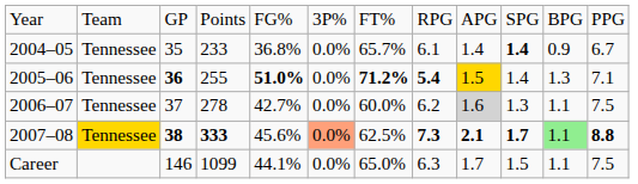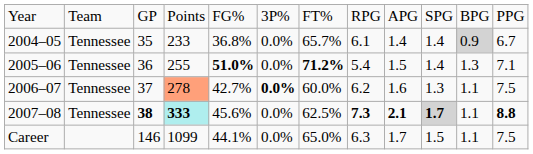 <table class="wikitable">
 <tr>
 <td>Year</td>
 <td>Team</td>
 <td>GP</td>
 <td>Points</td>
 <td>FG%</td>
 <td>3P%</td>
 <td>FT%</td>
 <td>RPG</td>
 <td>APG</td>
 <td>SPG</td>
 <td>BPG</td>
 <td>PPG</td>
 </tr>
 <tr>
 <td>2004–05</td>
 <td>Tennessee</td>
 <td>35</td>
 <td>233</td>
 <td>36.8%</td>
 <td>0.0%</td>
 <td>65.7%</td>
 <td>6.1</td>
 <td>1.4</td>
-<td><strong>1.4</strong></td>
-<td>0.9</td>
+<td>1.4</td>
+<td style="background: lightgrey;">0.9</td>
 <td>6.7</td>
 </tr>
 <tr>
 <td>2005–06</td>
 <td>Tennessee</td>
-<td><strong>36</strong></td>
+<td>36</td>
 <td>255</td>
 <td><strong>51.0%</strong></td>
 <td>0.0%</td>
 <td><strong>71.2%</strong></td>
-<td><strong>5.4</strong></td>
-<td style="background: gold;">1.5</td>
+<td>5.4</td>
+<td>1.5</td>
 <td>1.4</td>
 <td>1.3</td>
 <td>7.1</td>
 </tr>
 <tr>
 <td>2006–07</td>
 <td>Tennessee</td>
 <td>37</td>
-<td>278</td>
+<td style="background: lightsalmon;">278</td>
 <td>42.7%</td>
-<td>0.0%</td>
+<td><strong>0.0%</strong></td>
 <td>60.0%</td>
 <td>6.2</td>
-<td style="background: lightgrey;">1.6</td>
+<td>1.6</td>
 <td>1.3</td>
 <td>1.1</td>
 <td>7.5</td>
 </tr>
 <tr>
 <td>2007–08</td>
-<td style="background: gold;">Tennessee</td>
+<td>Tennessee</td>
 <td><strong>38</strong></td>
-<td><strong>333</strong></td>
+<td style="background: paleturquoise;"><strong>333</strong></td>
 <td>45.6%</td>
-<td style="background: lightsalmon;">0.0%</td>
+<td>0.0%</td>
 <td>62.5%</td>
 <td><strong>7.3</strong></td>
 <td><strong>2.1</strong></td>
-<td><strong>1.7</strong></td>
-<td style="background: lightgreen;">1.1</td>
+<td style="background: lightgrey;"><strong>1.7</strong></td>
+<td>1.1</td>
 <td><strong>8.8</strong></td>
 </tr>
 <tr>
 <td>Career</td>
 <td></td>
 <td>146</td>
 <td>1099</td>
 <td>44.1%</td>
 <td>0.0%</td>
 <td>65.0%</td>
 <td>6.3</td>
 <td>1.7</td>
 <td>1.5</td>
 <td>1.1</td>
 <td>7.5</td>
 </tr>
 </table>
